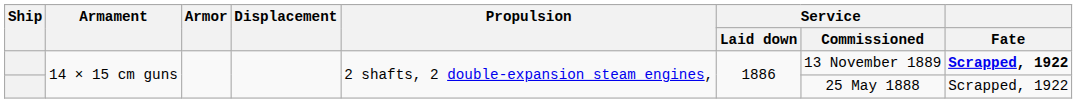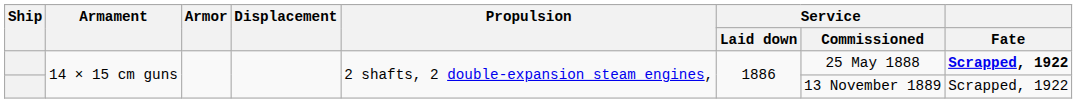 <table class="wikitable plainrowheaders" style="text-align: center;">
 <tr valign="top">
 <th scope="col" rowspan="2">Ship</th>
 <th scope="col" rowspan="2">Armament</th>
 <th scope="col" rowspan="2">Armor</th>
 <th scope="col" rowspan="2">Displacement</th>
 <th scope="col" rowspan="2">Propulsion</th>
 <th scope="col" colspan="2">Service</th>
 <th></th>
 </tr>
 <tr valign="top">
 <th scope="col">Laid down</th>
 <th scope="col">Commissioned</th>
 <th scope="col">Fate</th>
 </tr>
 <tr valign="center">
 <th scope="row"></th>
 <td rowspan="2">14 × 15 cm guns</td>
 <td rowspan="2"></td>
 <td rowspan="2"></td>
 <td rowspan="2" style="text-align: left;">2 shafts, 2 <a href='#'>double-expansion steam engines</a>, </td>
 <td rowspan="2">1886</td>
-<td>13 November 1889</td>
+<td>25 May 1888</td>
 <td style="text-align: left;"><strong><a href='#'>Scrapped</a>, 1922</strong></td>
 </tr>
 <tr valign="center">
 <th scope="row"></th>
-<td>25 May 1888</td>
+<td>13 November 1889</td>
 <td style="text-align: left;">Scrapped, 1922</td>
 </tr>
 </table>
